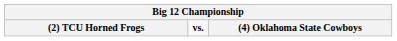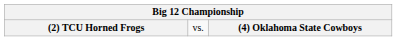 <table class="wikitable">
 <tr>
 <th style="width: 604px;" colspan=3>Big 12 Championship</th>
 </tr>
 <tr>
 <th style="width: 289px; ">(2) TCU Horned Frogs</th>
-<td style="width: 25px; text-align:center"><strong>vs.</strong></td>
+<td style="width: 25px; text-align:center">vs.</td>
 <th style="width: 289px; ">(4) Oklahoma State Cowboys</th>
 </tr>
 </table>
